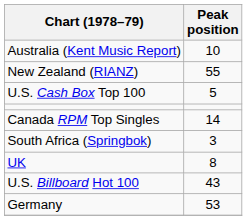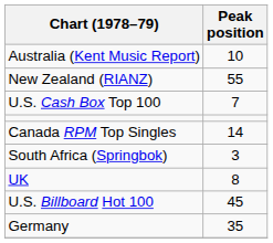 <table class="wikitable sortable">
 <tr>
 <th>Chart (1978–79)</th>
 <th>Peak<br>position</th>
 </tr>
 <tr>
 <td>Australia (<a href='#'>Kent Music Report</a>)</td>
 <td style="text-align:center;">10</td>
 </tr>
 <tr>
 <td>New Zealand (<a href='#'>RIANZ</a>)</td>
 <td style="text-align:center;">55</td>
 </tr>
 <tr>
 <td>U.S. <a href='#'><em>Cash Box</em></a> Top 100</td>
-<td style="text-align:center;">5</td>
+<td style="text-align:center;">7</td>
 </tr>
 <tr>
 <td></td>
 </tr>
 <tr>
 <td>Canada <em><a href='#'>RPM</a></em> Top Singles</td>
 <td style="text-align:center;">14</td>
 </tr>
 <tr>
 <td>South Africa (<a href='#'>Springbok</a>)</td>
 <td align="center">3</td>
 </tr>
 <tr>
 <td><a href='#'>UK</a></td>
 <td style="text-align:center;">8</td>
 </tr>
 <tr>
 <td>U.S. <em><a href='#'>Billboard</a></em> <a href='#'>Hot 100</a></td>
-<td style="text-align:center;">43</td>
+<td style="text-align:center;">45</td>
 </tr>
 <tr>
 <td>Germany</td>
-<td align="center">53</td>
+<td align="center">35</td>
 </tr>
 <tr>
 </tr>
 </table>
